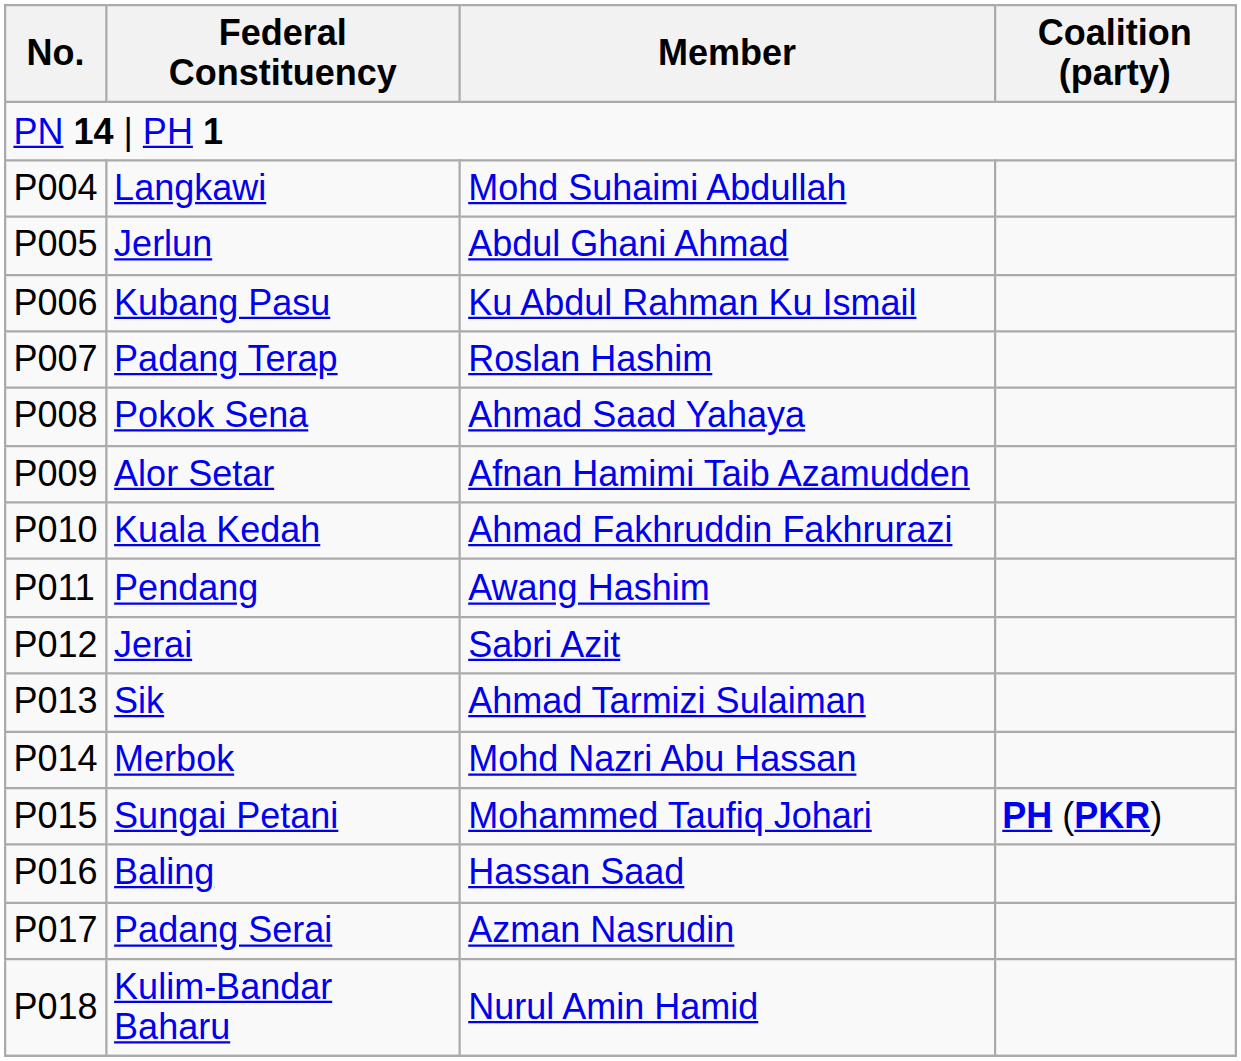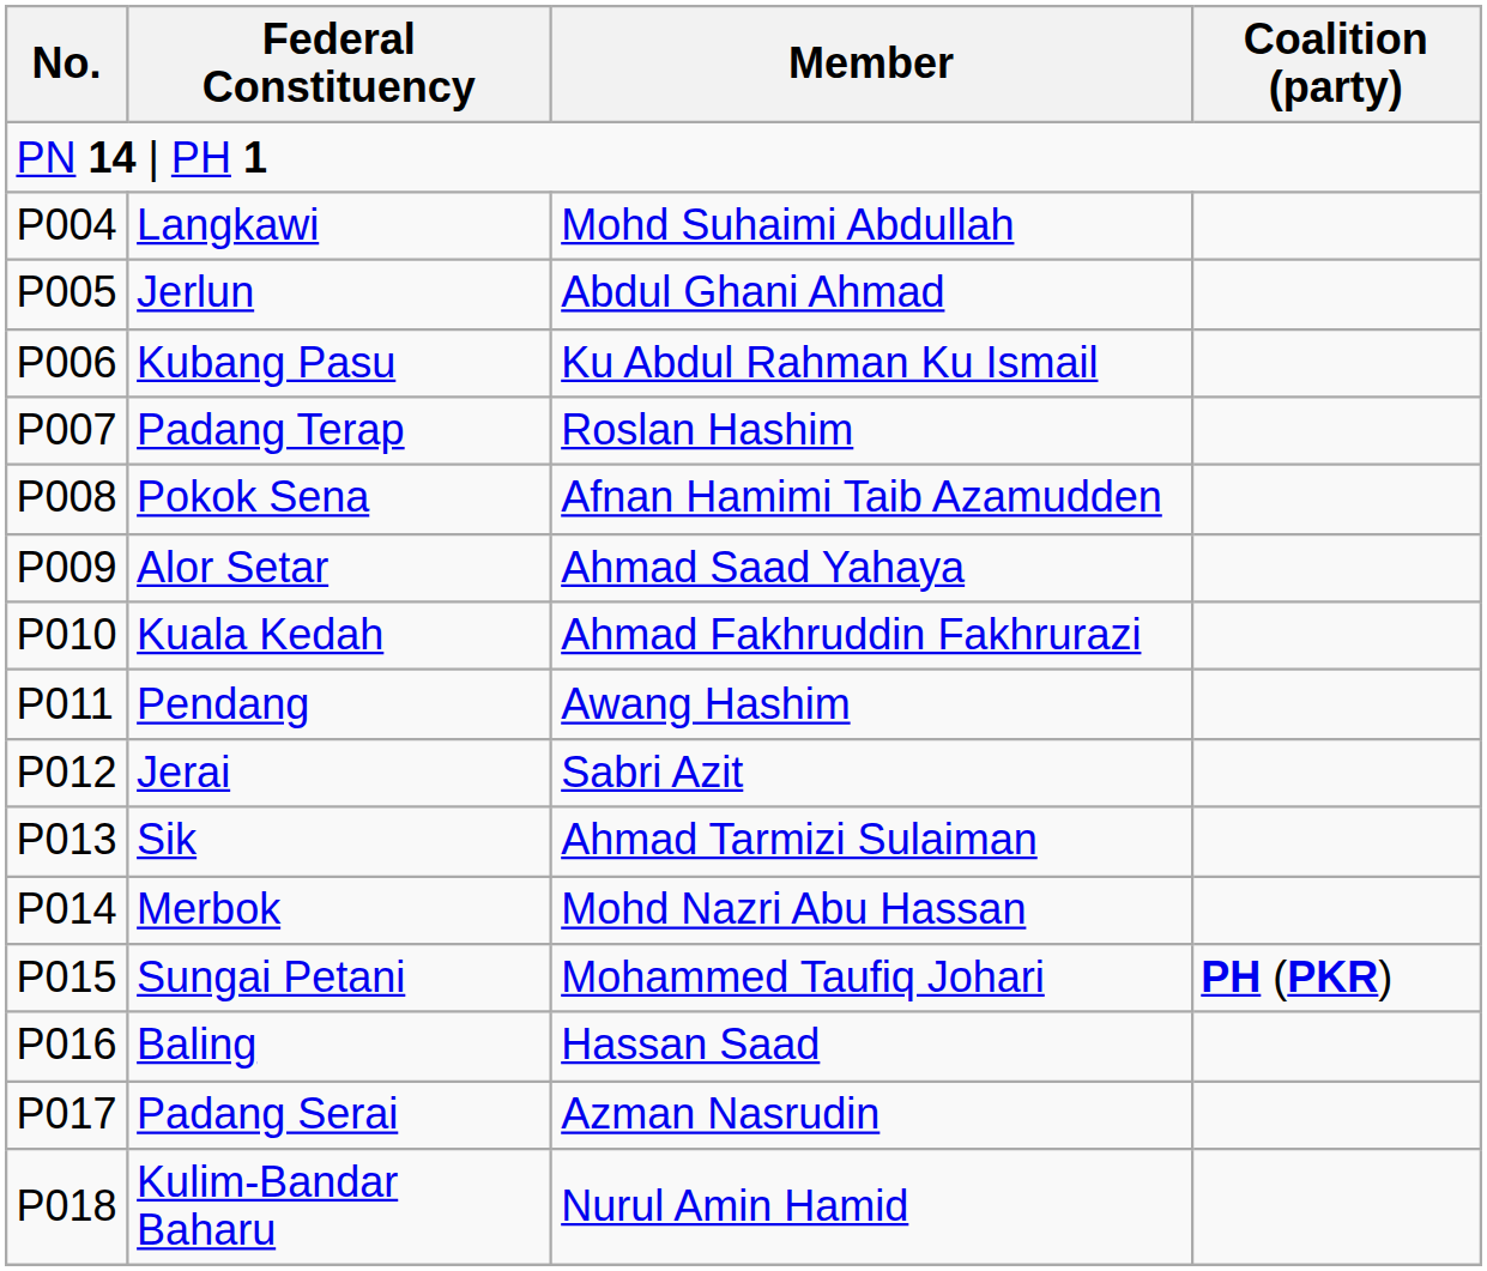 <table class="wikitable sortable">
 <tr>
 <th style="width:30px;">No.</th>
 <th style="width:150px;">Federal Constituency</th>
 <th style="width:230px;">Member</th>
 <th style="width:100px;">Coalition (party)</th>
 </tr>
 <tr>
 <td colspan="4"><a href='#'>PN</a> <strong>14</strong> | <a href='#'>PH</a> <strong>1</strong></td>
 </tr>
 <tr>
 <td>P004</td>
 <td><a href='#'>Langkawi</a></td>
 <td><a href='#'>Mohd Suhaimi Abdullah</a></td>
 <td></td>
 </tr>
 <tr>
 <td>P005</td>
 <td><a href='#'>Jerlun</a></td>
 <td><a href='#'>Abdul Ghani Ahmad</a></td>
 <td></td>
 </tr>
 <tr>
 <td>P006</td>
 <td><a href='#'>Kubang Pasu</a></td>
 <td><a href='#'>Ku Abdul Rahman Ku Ismail</a></td>
 <td></td>
 </tr>
 <tr>
 <td>P007</td>
 <td><a href='#'>Padang Terap</a></td>
 <td><a href='#'>Roslan Hashim</a></td>
 <td></td>
 </tr>
 <tr>
 <td>P008</td>
 <td><a href='#'>Pokok Sena</a></td>
-<td><a href='#'>Ahmad Saad Yahaya</a></td>
+<td><a href='#'>Afnan Hamimi Taib Azamudden</a></td>
 <td></td>
 </tr>
 <tr>
 <td>P009</td>
 <td><a href='#'>Alor Setar</a></td>
-<td><a href='#'>Afnan Hamimi Taib Azamudden</a></td>
+<td><a href='#'>Ahmad Saad Yahaya</a></td>
 <td></td>
 </tr>
 <tr>
 <td>P010</td>
 <td><a href='#'>Kuala Kedah</a></td>
 <td><a href='#'>Ahmad Fakhruddin Fakhrurazi</a></td>
 <td></td>
 </tr>
 <tr>
 <td>P011</td>
 <td><a href='#'>Pendang</a></td>
 <td><a href='#'>Awang Hashim</a></td>
 <td></td>
 </tr>
 <tr>
 <td>P012</td>
 <td><a href='#'>Jerai</a></td>
 <td><a href='#'>Sabri Azit</a></td>
 <td></td>
 </tr>
 <tr>
 <td>P013</td>
 <td><a href='#'>Sik</a></td>
 <td><a href='#'>Ahmad Tarmizi Sulaiman</a></td>
 <td></td>
 </tr>
 <tr>
 <td>P014</td>
 <td><a href='#'>Merbok</a></td>
 <td><a href='#'>Mohd Nazri Abu Hassan</a></td>
 <td></td>
 </tr>
 <tr>
 <td>P015</td>
 <td><a href='#'>Sungai Petani</a></td>
 <td><a href='#'>Mohammed Taufiq Johari</a></td>
 <td><strong><a href='#'>PH</a></strong> (<strong><a href='#'>PKR</a></strong>)</td>
 </tr>
 <tr>
 <td>P016</td>
 <td><a href='#'>Baling</a></td>
 <td><a href='#'>Hassan Saad</a></td>
 <td></td>
 </tr>
 <tr>
 <td>P017</td>
 <td><a href='#'>Padang Serai</a></td>
 <td><a href='#'>Azman Nasrudin</a></td>
 <td></td>
 </tr>
 <tr>
 <td>P018</td>
 <td><a href='#'>Kulim-Bandar Baharu</a></td>
 <td><a href='#'>Nurul Amin Hamid</a></td>
 <td></td>
 </tr>
 <tr>
 </tr>
 </table>
